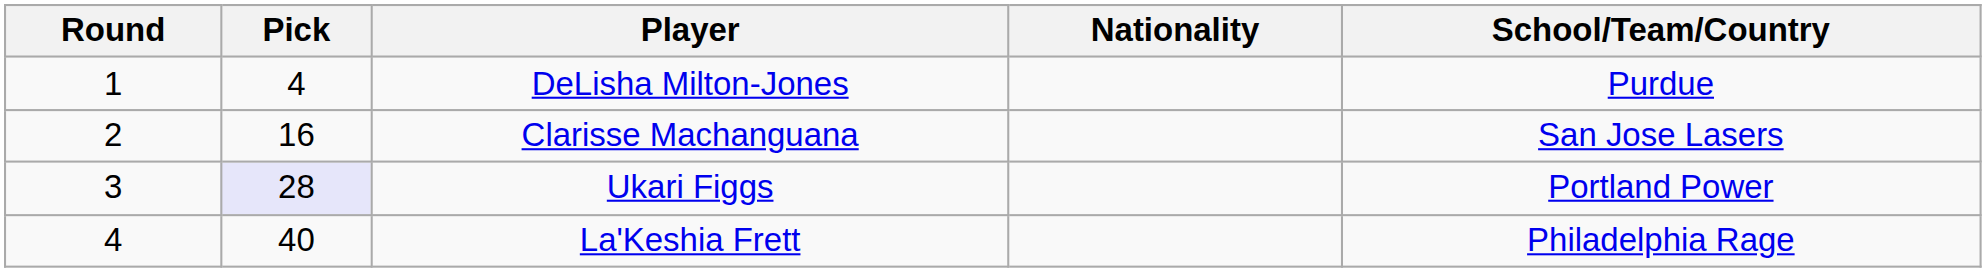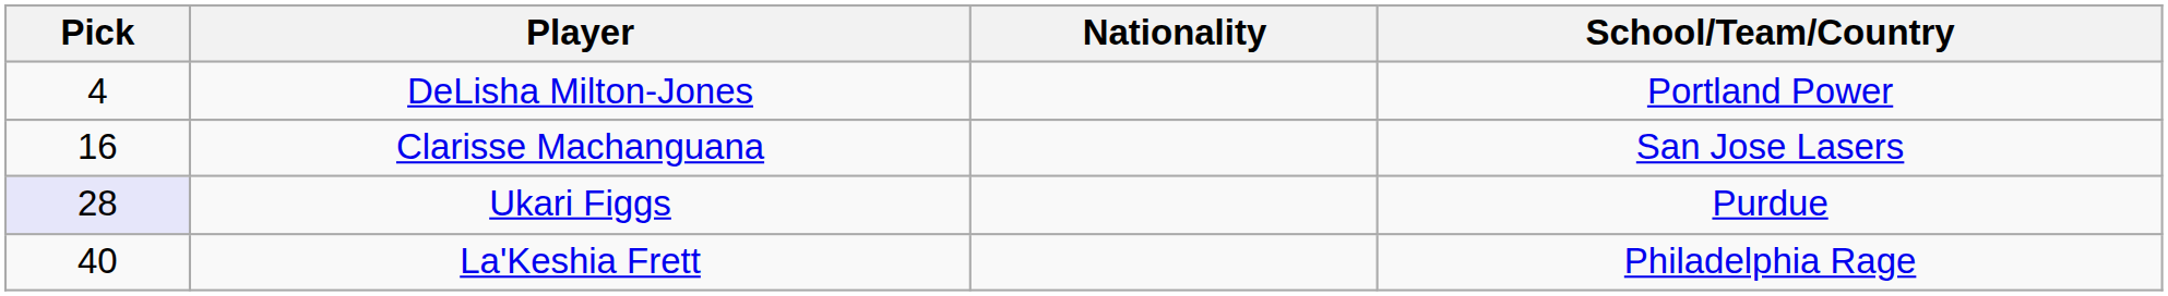 <table class="wikitable" style="text-align:center; width:60em">
 <tr>
-<th>Round</th>
 <th>Pick</th>
 <th>Player</th>
 <th>Nationality</th>
 <th>School/Team/Country</th>
 </tr>
 <tr>
-<td>1</td>
 <td>4</td>
 <td><a href='#'>DeLisha Milton-Jones</a></td>
 <td></td>
-<td><a href='#'>Purdue</a></td>
+<td><a href='#'>Portland Power</a></td>
 </tr>
 <tr>
-<td>2</td>
 <td>16</td>
 <td><a href='#'>Clarisse Machanguana</a></td>
 <td></td>
 <td><a href='#'>San Jose Lasers</a></td>
 </tr>
 <tr>
-<td>3</td>
 <td style="background: lavender;">28</td>
 <td><a href='#'>Ukari Figgs</a></td>
 <td></td>
-<td><a href='#'>Portland Power</a></td>
+<td><a href='#'>Purdue</a></td>
 </tr>
 <tr>
-<td>4</td>
 <td>40</td>
 <td><a href='#'>La'Keshia Frett</a></td>
 <td></td>
 <td><a href='#'>Philadelphia Rage</a></td>
 </tr>
 </table>
